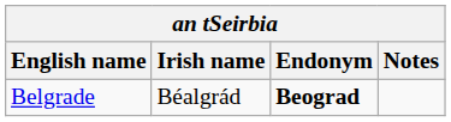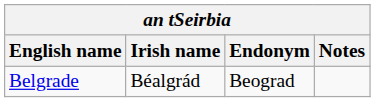 <table class="wikitable sortable">
 <tr>
 <th colspan="4"> <em>an tSeirbia</em></th>
 </tr>
 <tr>
 <th>English name</th>
 <th>Irish name</th>
 <th>Endonym</th>
 <th>Notes</th>
 </tr>
 <tr>
 <td><a href='#'>Belgrade</a></td>
 <td>Béalgrád</td>
-<td><strong>Beograd</strong></td>
+<td>Beograd</td>
 <td></td>
 </tr>
 </table>
